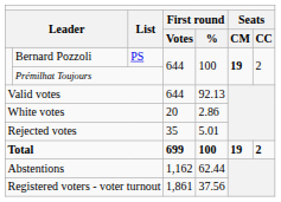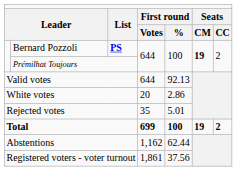 <table class="wikitable">
 <tr>
 <td colspan="7"></td>
 </tr>
 <tr>
 <th colspan="2" rowspan="2">Leader</th>
 <th rowspan="2">List</th>
 <th colspan="2">First round</th>
 <th colspan="2">Seats</th>
 </tr>
 <tr>
 <th>Votes</th>
 <th>%</th>
 <th>CM</th>
 <th>CC</th>
 </tr>
 <tr>
 <td rowspan="2"></td>
 <td>Bernard Pozzoli</td>
-<td><a href='#'>PS</a></td>
+<td><strong><a href='#'>PS</a></strong></td>
 <td rowspan="2">644</td>
 <td rowspan="2">100</td>
 <td rowspan="2"><strong>19</strong></td>
 <td rowspan="2">2</td>
 </tr>
 <tr>
 <td colspan="2"><em><small>Prémilhat Toujours</small></em></td>
 </tr>
 <tr>
 <td colspan="3">Valid votes</td>
 <td>644</td>
 <td>92.13</td>
 <th colspan="2" rowspan="3"></th>
 </tr>
 <tr>
 <td colspan="3">White votes</td>
 <td>20</td>
 <td>2.86</td>
 </tr>
 <tr>
 <td colspan="3">Rejected votes</td>
 <td>35</td>
 <td>5.01</td>
 </tr>
 <tr>
 <td colspan="3"><strong>Total</strong></td>
 <td><strong>699</strong></td>
 <td><strong>100</strong></td>
 <td><strong>19</strong></td>
 <td><strong>2</strong></td>
 </tr>
 <tr>
 <td colspan="3">Abstentions</td>
 <td>1,162</td>
 <td>62.44</td>
 <th colspan="2" rowspan="2"></th>
 </tr>
 <tr>
 <td colspan="3">Registered voters - voter turnout</td>
 <td>1,861</td>
 <td>37.56</td>
 </tr>
 </table>
